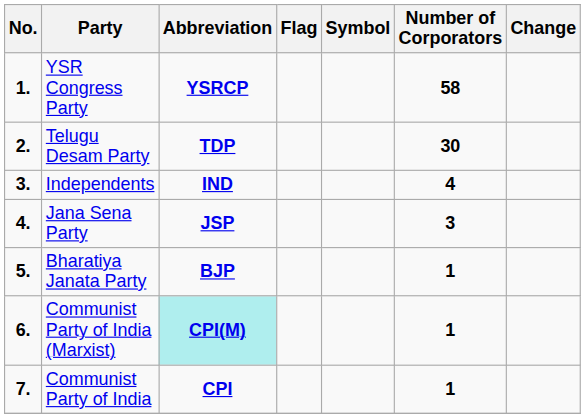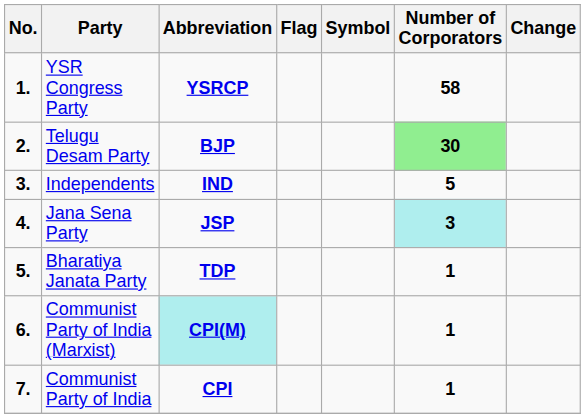 <table class="wikitable"  width="50%">
 <tr>
 <th>No.</th>
 <th>Party</th>
 <th>Abbreviation</th>
 <th>Flag</th>
 <th>Symbol</th>
 <th>Number of Corporators</th>
 <th>Change</th>
 </tr>
 <tr>
 <td ! style="text-align:center; background:"><strong>1.</strong></td>
 <td><a href='#'>YSR Congress Party</a></td>
 <td align="center"><a href='#'><strong>YSRCP</strong></a></td>
 <td></td>
 <td></td>
 <td align="center"><strong>58</strong></td>
 <td></td>
 </tr>
 <tr>
 <td ! style="text-align:center; background:"><strong>2.</strong></td>
 <td><a href='#'>Telugu Desam Party</a></td>
-<td align="center"><a href='#'><strong>TDP</strong></a></td>
+<td align="center"><a href='#'><strong>BJP</strong></a></td>
 <td></td>
 <td></td>
-<td align="center"><strong>30</strong></td>
+<td align="center" style="background: lightgreen;"><strong>30</strong></td>
 <td></td>
 </tr>
 <tr>
 <td ! style="text-align:center; background:"><strong>3.</strong></td>
 <td><a href='#'>Independents</a></td>
 <td align="center"><a href='#'><strong>IND</strong></a></td>
 <td></td>
 <td></td>
-<td align="center"><strong>4</strong></td>
+<td align="center"><strong>5</strong></td>
 <td></td>
 </tr>
 <tr>
 <td ! style="text-align:center; background:"><strong>4.</strong></td>
 <td><a href='#'>Jana Sena Party</a></td>
 <td align="center"><a href='#'><strong>JSP</strong></a></td>
 <td></td>
 <td></td>
-<td align="center"><strong>3</strong></td>
+<td align="center" style="background: paleturquoise;"><strong>3</strong></td>
 <td></td>
 </tr>
 <tr>
 <td ! style="text-align:center; background:"><strong>5.</strong></td>
 <td><a href='#'>Bharatiya Janata Party</a></td>
-<td align="center"><a href='#'><strong>BJP</strong></a></td>
+<td align="center"><a href='#'><strong>TDP</strong></a></td>
 <td></td>
 <td></td>
 <td align="center"><strong>1</strong></td>
 <td></td>
 </tr>
 <tr>
 <td ! style="text-align:center; background:"><strong>6.</strong></td>
 <td><a href='#'>Communist Party of India (Marxist)</a></td>
 <td align="center" style="background: paleturquoise;"><a href='#'><strong>CPI(M)</strong></a></td>
 <td></td>
 <td></td>
 <td align="center"><strong>1</strong></td>
 <td></td>
 </tr>
 <tr>
 <td ! style="text-align:center; background:"><strong>7.</strong></td>
 <td><a href='#'>Communist Party of India</a></td>
 <td align="center"><a href='#'><strong>CPI</strong></a></td>
 <td></td>
 <td></td>
 <td align="center"><strong>1</strong></td>
 <td></td>
 </tr>
 <tr>
 </tr>
 </table>
